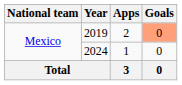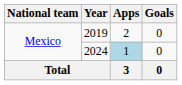 <table class="wikitable" style="text-align: center;">
 <tr>
 <th>National team</th>
 <th>Year</th>
 <th>Apps</th>
 <th>Goals</th>
 </tr>
 <tr>
 <td rowspan="2" valign="center"><a href='#'>Mexico</a></td>
 <td>2019</td>
 <td>2</td>
-<td style="background: lightsalmon;">0</td>
+<td>0</td>
 </tr>
 <tr>
 <td>2024</td>
-<td>1</td>
+<td style="background: lightblue;">1</td>
 <td>0</td>
 </tr>
 <tr>
 <th colspan="2">Total</th>
 <th>3</th>
 <th>0</th>
 </tr>
 </table>
